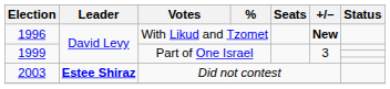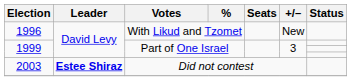 <table class=wikitable style=text-align:center>
 <tr>
 <th>Election</th>
 <th>Leader</th>
 <th>Votes</th>
 <th>%</th>
 <th>Seats</th>
 <th>+/–</th>
 <th>Status</th>
 </tr>
 <tr>
 <td><a href='#'>1996</a></td>
 <td rowspan=4><a href='#'>David Levy</a></td>
 <td colspan=2>With <a href='#'>Likud</a> and <a href='#'>Tzomet</a></td>
 <td></td>
-<td><strong>New</strong></td>
+<td>New</td>
 <td></td>
 </tr>
 <tr>
 <td rowspan=3><a href='#'>1999</a></td>
 <td colspan=2 rowspan=3>Part of <a href='#'>One Israel</a></td>
 <td rowspan=3></td>
 <td rowspan=3> 3</td>
 <td></td>
 </tr>
 <tr>
 <td></td>
 </tr>
 <tr>
 <td></td>
 </tr>
 <tr>
 <td><a href='#'>2003</a></td>
 <td><strong><a href='#'>Estee Shiraz</a></strong></td>
 <td colspan="4"><em>Did not contest </em></td>
 <td></td>
 </tr>
 <tr>
 </tr>
 </table>
